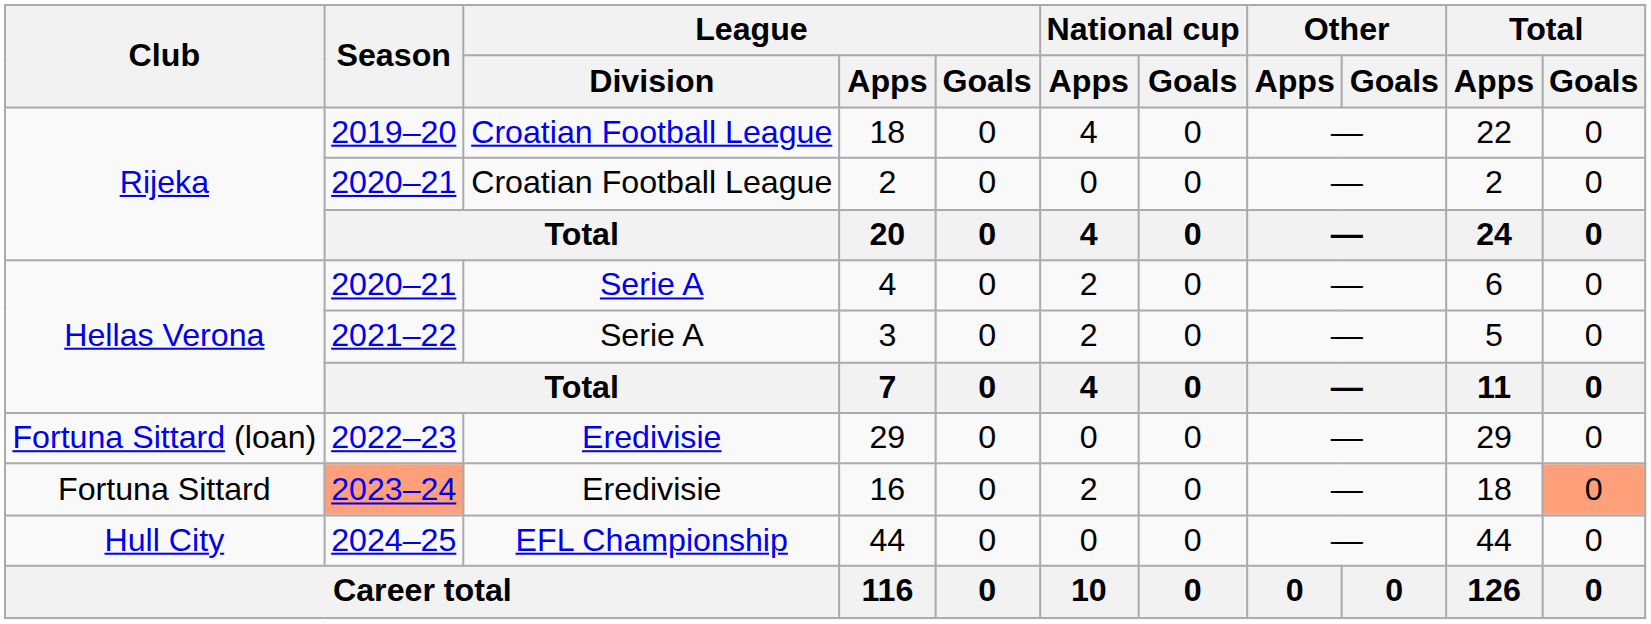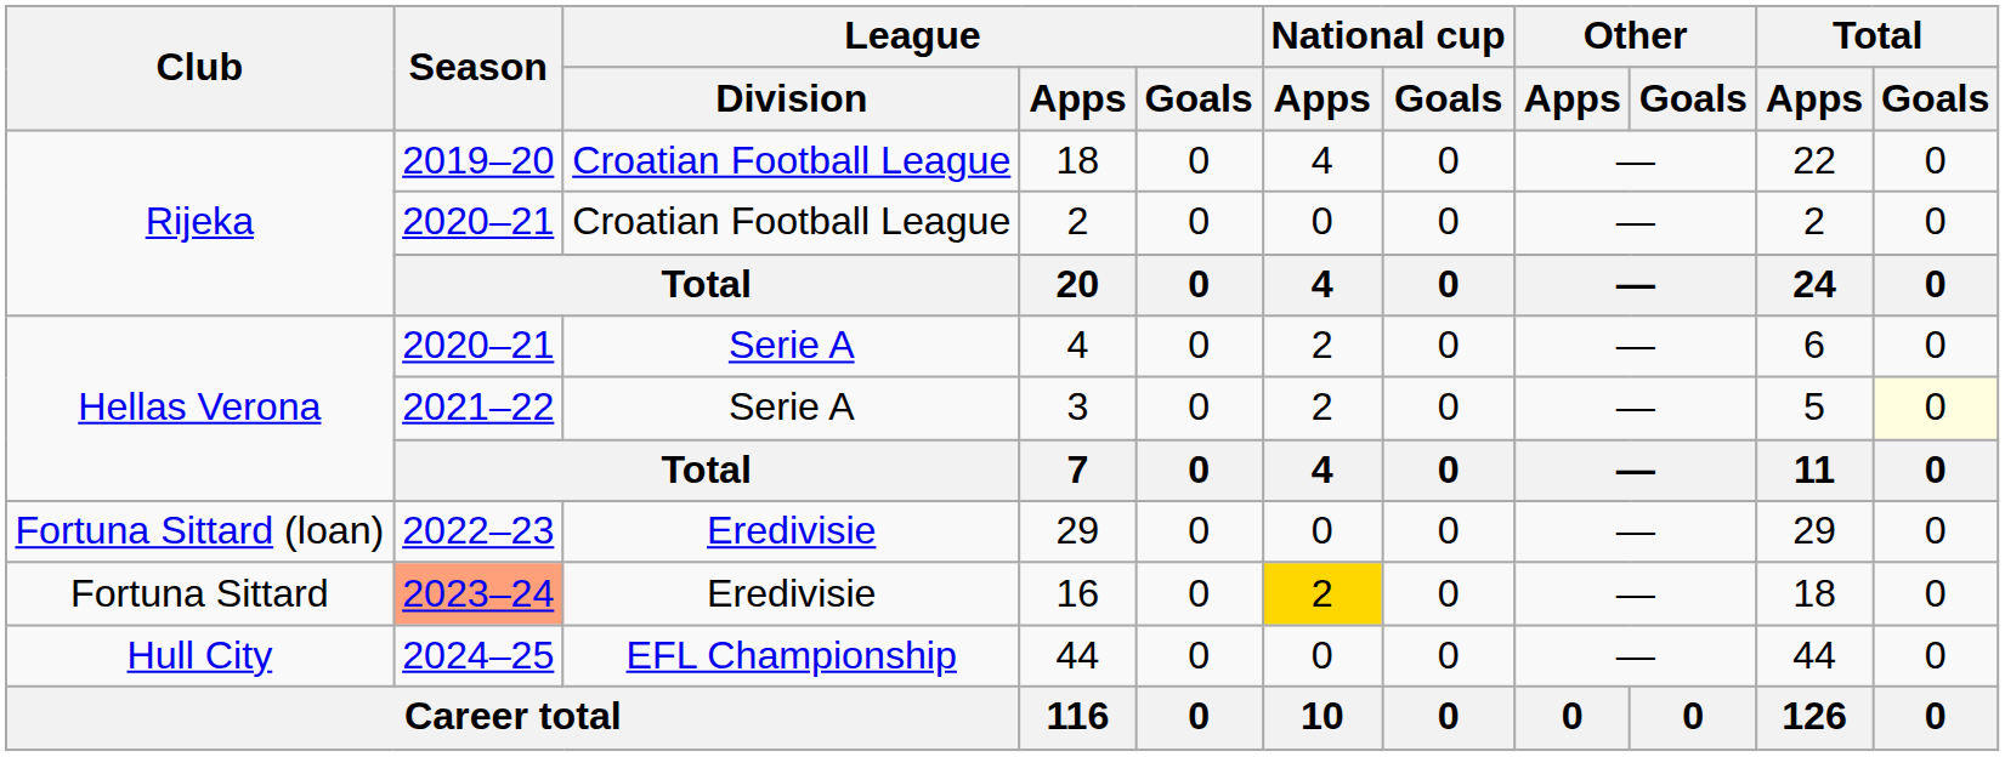 <table class="wikitable" style="text-align:center">
 <tr>
 <th rowspan="2">Club</th>
 <th rowspan="2">Season</th>
 <th colspan="3">League</th>
 <th colspan="2">National cup</th>
 <th colspan="2">Other</th>
 <th colspan="2">Total</th>
 </tr>
 <tr>
 <th>Division</th>
 <th>Apps</th>
 <th>Goals</th>
 <th>Apps</th>
 <th>Goals</th>
 <th>Apps</th>
 <th>Goals</th>
 <th>Apps</th>
 <th>Goals</th>
 </tr>
 <tr>
 <td rowspan="3"><a href='#'>Rijeka</a></td>
 <td><a href='#'>2019–20</a></td>
 <td><a href='#'>Croatian Football League</a></td>
 <td>18</td>
 <td>0</td>
 <td>4</td>
 <td>0</td>
 <td colspan="2">—</td>
 <td>22</td>
 <td>0</td>
 </tr>
 <tr>
 <td><a href='#'>2020–21</a></td>
 <td>Croatian Football League</td>
 <td>2</td>
 <td>0</td>
 <td>0</td>
 <td>0</td>
 <td colspan="2">—</td>
 <td>2</td>
 <td>0</td>
 </tr>
 <tr>
 <th colspan="2">Total</th>
 <th>20</th>
 <th>0</th>
 <th>4</th>
 <th>0</th>
 <th colspan="2">—</th>
 <th>24</th>
 <th>0</th>
 </tr>
 <tr>
 <td rowspan="3"><a href='#'>Hellas Verona</a></td>
 <td><a href='#'>2020–21</a></td>
 <td><a href='#'>Serie A</a></td>
 <td>4</td>
 <td>0</td>
 <td>2</td>
 <td>0</td>
 <td colspan="2">—</td>
 <td>6</td>
 <td>0</td>
 </tr>
 <tr>
 <td><a href='#'>2021–22</a></td>
 <td>Serie A</td>
 <td>3</td>
 <td>0</td>
 <td>2</td>
 <td>0</td>
 <td colspan="2">—</td>
 <td>5</td>
-<td>0</td>
+<td style="background: lightyellow;">0</td>
 </tr>
 <tr>
 <th colspan="2">Total</th>
 <th>7</th>
 <th>0</th>
 <th>4</th>
 <th>0</th>
 <th colspan="2">—</th>
 <th>11</th>
 <th>0</th>
 </tr>
 <tr>
 <td><a href='#'>Fortuna Sittard</a> (loan)</td>
 <td><a href='#'>2022–23</a></td>
 <td><a href='#'>Eredivisie</a></td>
 <td>29</td>
 <td>0</td>
 <td>0</td>
 <td>0</td>
 <td colspan="2">—</td>
 <td>29</td>
 <td>0</td>
 </tr>
 <tr>
 <td>Fortuna Sittard</td>
 <td style="background: lightsalmon;"><a href='#'>2023–24</a></td>
 <td>Eredivisie</td>
 <td>16</td>
 <td>0</td>
-<td>2</td>
+<td style="background: gold;">2</td>
 <td>0</td>
 <td colspan="2">—</td>
 <td>18</td>
-<td style="background: lightsalmon;">0</td>
+<td>0</td>
 </tr>
 <tr>
 <td><a href='#'>Hull City</a></td>
 <td><a href='#'>2024–25</a></td>
 <td><a href='#'>EFL Championship</a></td>
 <td>44</td>
 <td>0</td>
 <td>0</td>
 <td>0</td>
 <td colspan="2">—</td>
 <td>44</td>
 <td>0</td>
 </tr>
 <tr>
 <th colspan="3">Career total</th>
 <th>116</th>
 <th>0</th>
 <th>10</th>
 <th>0</th>
 <th>0</th>
 <th>0</th>
 <th>126</th>
 <th>0</th>
 </tr>
 </table>
